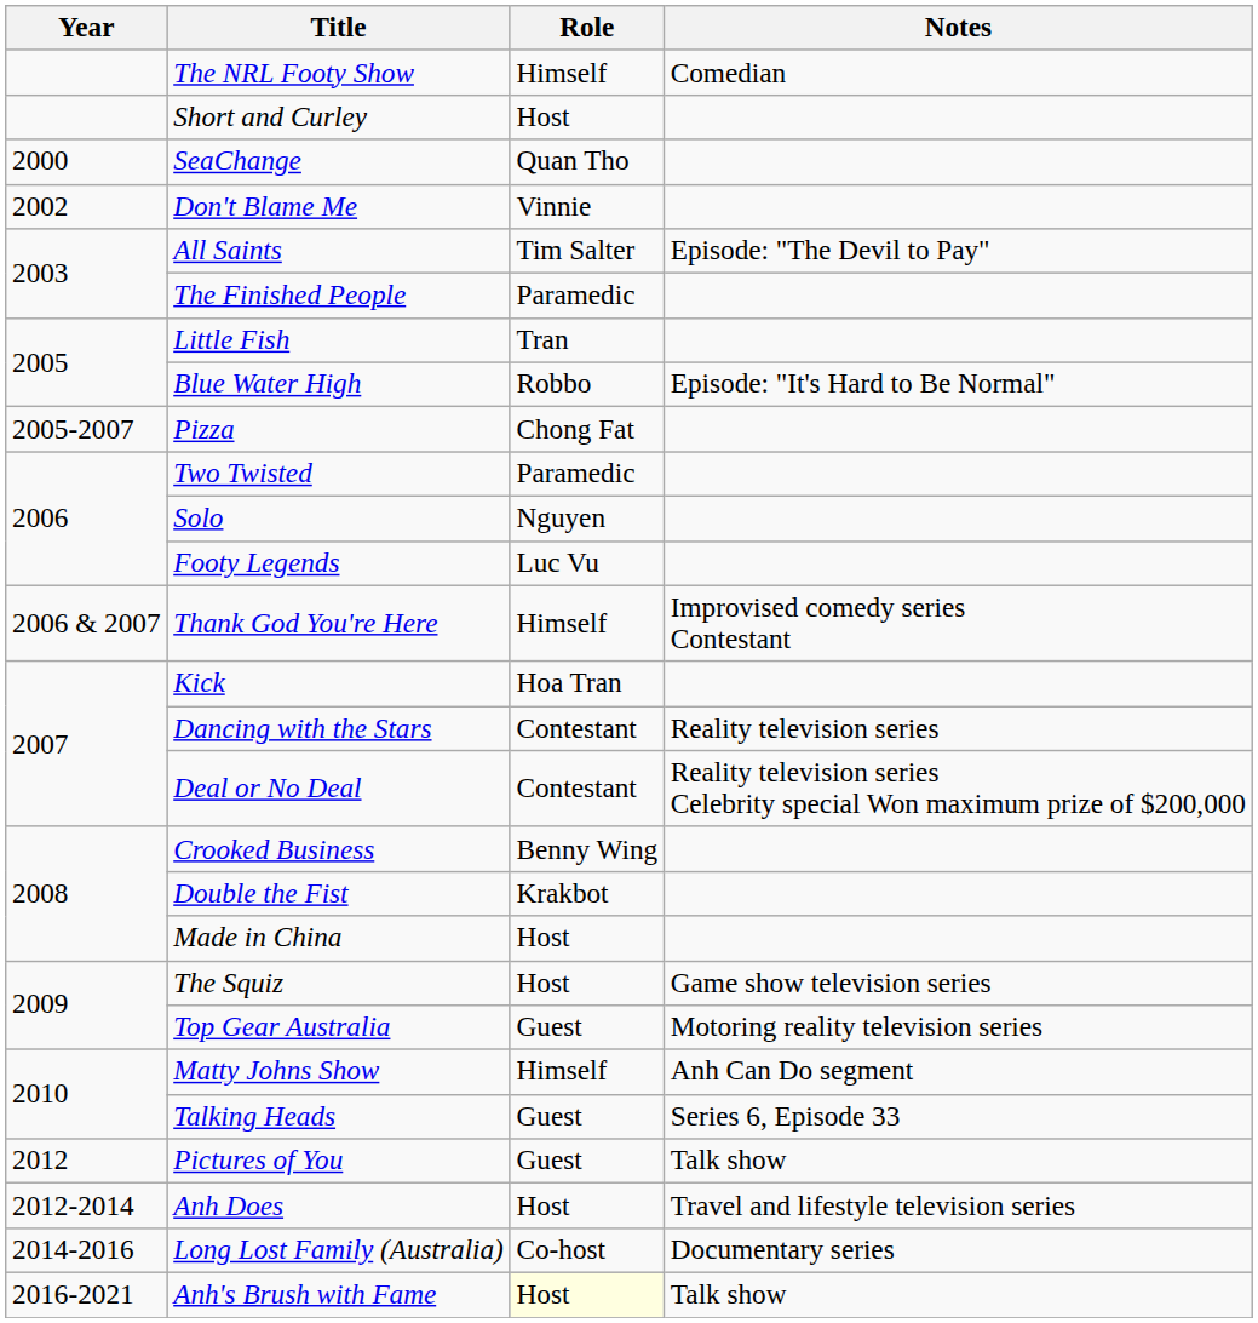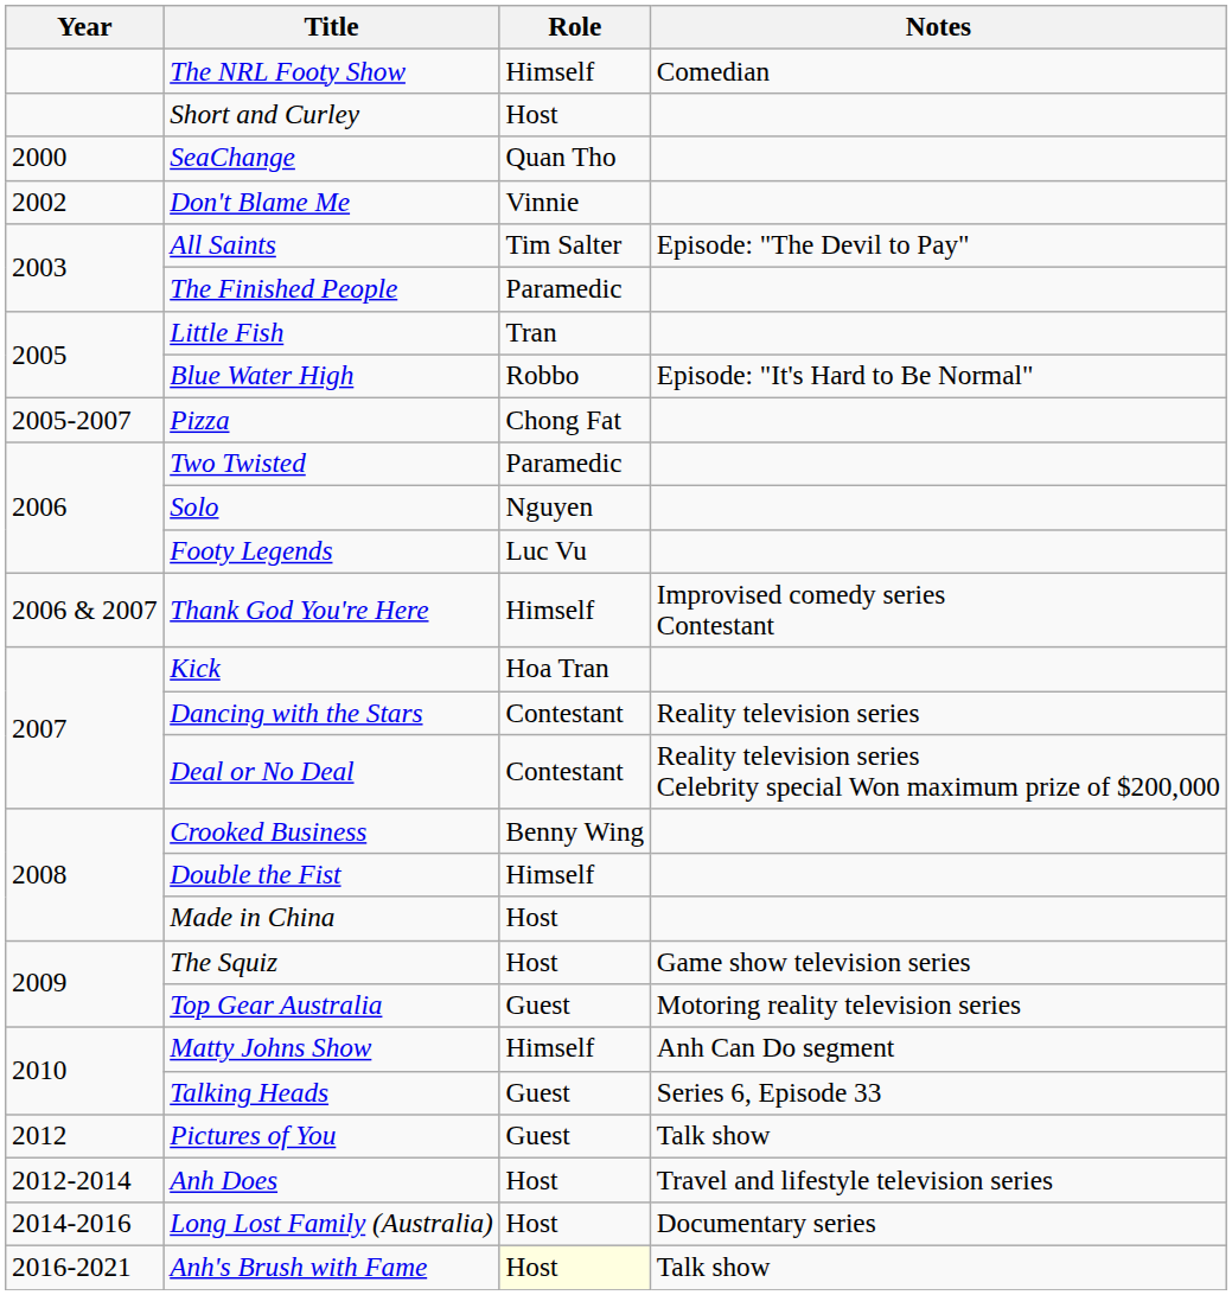 <table class="wikitable sortable">
 <tr>
 <th>Year</th>
 <th>Title</th>
 <th>Role</th>
 <th>Notes</th>
 </tr>
 <tr>
 <td></td>
 <td><em><a href='#'>The NRL Footy Show</a></em></td>
 <td>Himself</td>
 <td>Comedian</td>
 </tr>
 <tr>
 <td></td>
 <td><em>Short and Curley</em></td>
 <td>Host</td>
 <td></td>
 </tr>
 <tr>
 <td>2000</td>
 <td><em><a href='#'>SeaChange</a></em></td>
 <td>Quan Tho</td>
 <td></td>
 </tr>
 <tr>
 <td>2002</td>
 <td><a href='#'><em>Don't Blame Me</em></a></td>
 <td>Vinnie</td>
 <td></td>
 </tr>
 <tr>
 <td rowspan="2">2003</td>
 <td><a href='#'><em>All Saints</em></a></td>
 <td>Tim Salter</td>
 <td>Episode: "The Devil to Pay"</td>
 </tr>
 <tr>
 <td><em><a href='#'>The Finished People</a></em></td>
 <td>Paramedic</td>
 <td></td>
 </tr>
 <tr>
 <td rowspan="2">2005</td>
 <td><a href='#'><em>Little Fish</em></a></td>
 <td>Tran</td>
 <td></td>
 </tr>
 <tr>
 <td><em><a href='#'>Blue Water High</a></em></td>
 <td>Robbo</td>
 <td>Episode: "It's Hard to Be Normal"</td>
 </tr>
 <tr>
 <td>2005-2007</td>
 <td><a href='#'><em>Pizza</em></a></td>
 <td>Chong Fat</td>
 <td></td>
 </tr>
 <tr>
 <td rowspan="3">2006</td>
 <td><em><a href='#'>Two Twisted</a></em></td>
 <td>Paramedic</td>
 <td></td>
 </tr>
 <tr>
 <td><a href='#'><em>Solo</em></a></td>
 <td>Nguyen</td>
 <td></td>
 </tr>
 <tr>
 <td><em><a href='#'>Footy Legends</a></em></td>
 <td>Luc Vu</td>
 <td></td>
 </tr>
 <tr>
 <td>2006 & 2007</td>
 <td><em><a href='#'>Thank God You're Here</a></em></td>
 <td>Himself</td>
 <td>Improvised comedy series<br>Contestant</td>
 </tr>
 <tr>
 <td rowspan="3">2007</td>
 <td><a href='#'><em>Kick</em></a></td>
 <td>Hoa Tran</td>
 <td></td>
 </tr>
 <tr>
 <td><a href='#'><em>Dancing with the Stars</em></a></td>
 <td>Contestant</td>
 <td>Reality television series</td>
 </tr>
 <tr>
 <td><a href='#'><em>Deal or No Deal</em></a></td>
 <td>Contestant</td>
 <td>Reality television series<br>Celebrity special Won maximum prize of $200,000</td>
 </tr>
 <tr>
 <td rowspan="3">2008</td>
 <td><em><a href='#'>Crooked Business</a></em></td>
 <td>Benny Wing</td>
 <td></td>
 </tr>
 <tr>
 <td><em><a href='#'>Double the Fist</a></em></td>
-<td>Krakbot</td>
+<td>Himself</td>
 <td></td>
 </tr>
 <tr>
 <td><em>Made in China</em></td>
 <td>Host</td>
 <td></td>
 </tr>
 <tr>
 <td rowspan="2">2009</td>
 <td><em>The Squiz</em></td>
 <td>Host</td>
 <td>Game show television series</td>
 </tr>
 <tr>
 <td><em><a href='#'>Top Gear Australia</a></em></td>
 <td>Guest</td>
 <td>Motoring reality television series</td>
 </tr>
 <tr>
 <td rowspan="2">2010</td>
 <td><em><a href='#'>Matty Johns Show</a></em></td>
 <td>Himself</td>
 <td>Anh Can Do segment</td>
 </tr>
 <tr>
 <td><em><a href='#'>Talking Heads</a></em></td>
 <td>Guest</td>
 <td>Series 6, Episode 33</td>
 </tr>
 <tr>
 <td>2012</td>
 <td><a href='#'><em>Pictures of You</em></a></td>
 <td>Guest</td>
 <td>Talk show</td>
 </tr>
 <tr>
 <td>2012-2014</td>
 <td><em><a href='#'>Anh Does</a></em></td>
 <td>Host</td>
 <td>Travel and lifestyle television series</td>
 </tr>
 <tr>
 <td>2014-2016</td>
 <td><em><a href='#'>Long Lost Family</a> (Australia)</em></td>
-<td>Co-host</td>
+<td>Host</td>
 <td>Documentary series</td>
 </tr>
 <tr>
 <td>2016-2021</td>
 <td><em><a href='#'>Anh's Brush with Fame</a></em></td>
 <td style="background: lightyellow;">Host</td>
 <td>Talk show</td>
 </tr>
 </table>
